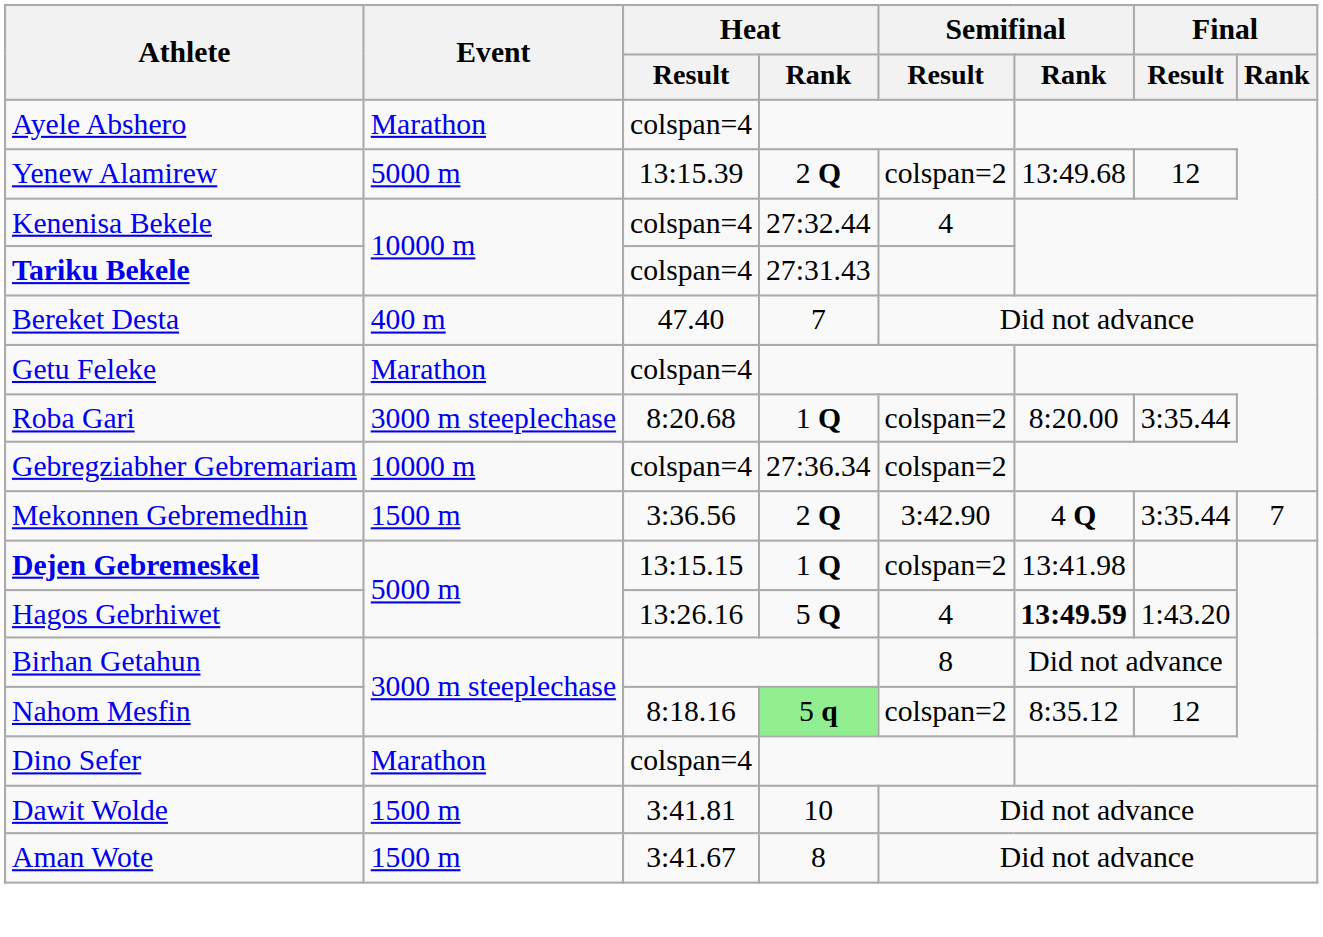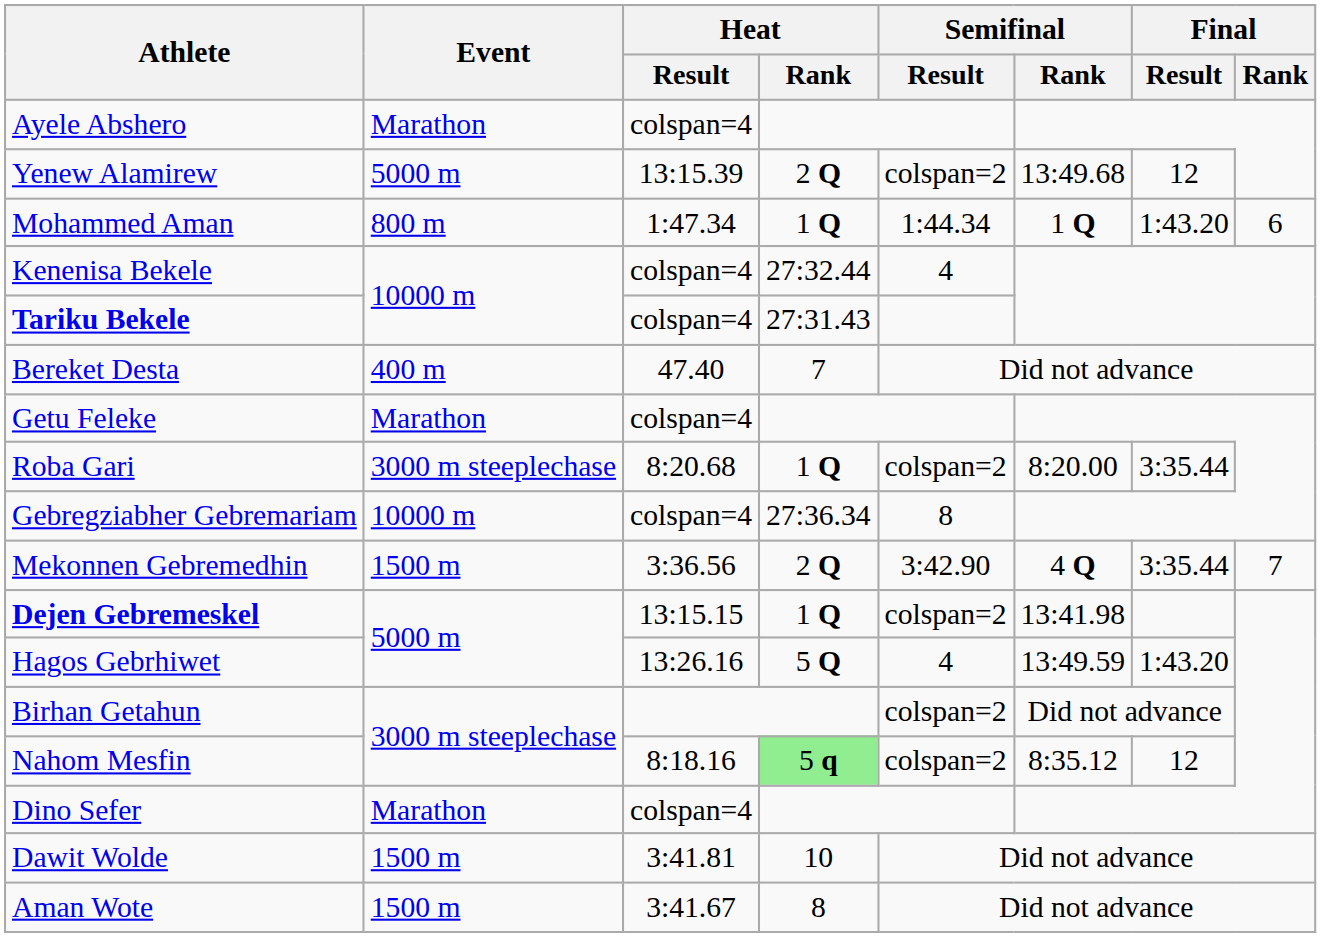 <table class="wikitable" style="font-size:90%">
 <tr>
 <th rowspan="2">Athlete</th>
 <th rowspan="2">Event</th>
 <th colspan="2">Heat</th>
 <th colspan="2">Semifinal</th>
 <th colspan="2">Final</th>
 </tr>
 <tr style="font-size:95%">
 <th>Result</th>
 <th>Rank</th>
 <th>Result</th>
 <th>Rank</th>
 <th>Result</th>
 <th>Rank</th>
 </tr>
 <tr align=center>
 <td align=left><a href='#'>Ayele Abshero</a></td>
 <td align=left><a href='#'>Marathon</a></td>
 <td>colspan=4 </td>
 <td colspan=2></td>
 </tr>
 <tr align=center>
 <td align=left><a href='#'>Yenew Alamirew</a></td>
 <td align=left><a href='#'>5000 m</a></td>
 <td>13:15.39</td>
 <td>2 <strong>Q</strong></td>
 <td>colspan=2 </td>
 <td>13:49.68</td>
 <td>12</td>
+</tr>
+<tr align=center>
+<td align=left><a href='#'>Mohammed Aman</a></td>
+<td align=left><a href='#'>800 m</a></td>
+<td>1:47.34</td>
+<td>1 <strong>Q</strong></td>
+<td>1:44.34</td>
+<td>1 <strong>Q</strong></td>
+<td>1:43.20</td>
+<td>6</td>
 </tr>
 <tr align=center>
 <td align=left><a href='#'>Kenenisa Bekele</a></td>
 <td align=left rowspan=2><a href='#'>10000 m</a></td>
 <td>colspan=4 </td>
 <td>27:32.44</td>
 <td>4</td>
 </tr>
 <tr align=center>
 <td align=left><strong><a href='#'>Tariku Bekele</a></strong></td>
 <td>colspan=4 </td>
 <td>27:31.43</td>
 <td></td>
 </tr>
 <tr align=center>
 <td align=left><a href='#'>Bereket Desta</a></td>
 <td align=left><a href='#'>400 m</a></td>
 <td>47.40</td>
 <td>7</td>
 <td colspan=4>Did not advance</td>
 </tr>
 <tr align=center>
 <td align=left><a href='#'>Getu Feleke</a></td>
 <td align=left><a href='#'>Marathon</a></td>
 <td>colspan=4 </td>
 <td colspan=2></td>
 </tr>
 <tr align=center>
 <td align=left><a href='#'>Roba Gari</a></td>
 <td align=left><a href='#'>3000 m steeplechase</a></td>
 <td>8:20.68</td>
 <td>1 <strong>Q</strong></td>
 <td>colspan=2 </td>
 <td>8:20.00</td>
 <td>3:35.44</td>
 </tr>
 <tr align=center>
 <td align=left><a href='#'>Gebregziabher Gebremariam</a></td>
 <td align=left><a href='#'>10000 m</a></td>
 <td>colspan=4 </td>
 <td>27:36.34</td>
-<td>colspan=2 </td>
+<td>8</td>
 </tr>
 <tr align=center>
 <td align=left><a href='#'>Mekonnen Gebremedhin</a></td>
 <td align=left><a href='#'>1500 m</a></td>
 <td>3:36.56</td>
 <td>2 <strong>Q</strong></td>
 <td>3:42.90</td>
 <td>4 <strong>Q</strong></td>
 <td>3:35.44</td>
 <td>7</td>
 </tr>
 <tr align=center>
 <td align=left><strong><a href='#'>Dejen Gebremeskel</a></strong></td>
 <td align=left rowspan=2><a href='#'>5000 m</a></td>
 <td>13:15.15</td>
 <td>1 <strong>Q</strong></td>
 <td>colspan=2 </td>
 <td>13:41.98</td>
 <td></td>
 </tr>
 <tr align=center>
 <td align=left><a href='#'>Hagos Gebrhiwet</a></td>
 <td>13:26.16</td>
 <td>5 <strong>Q</strong></td>
 <td>4</td>
-<td><strong>13:49.59</strong></td>
+<td>13:49.59</td>
 <td>1:43.20</td>
 </tr>
 <tr align=center>
 <td align=left><a href='#'>Birhan Getahun</a></td>
 <td align=left rowspan=2><a href='#'>3000 m steeplechase</a></td>
 <td colspan=2></td>
-<td>8</td>
+<td>colspan=2 </td>
 <td colspan=2>Did not advance</td>
 </tr>
 <tr align=center>
 <td align=left><a href='#'>Nahom Mesfin</a></td>
 <td>8:18.16</td>
 <td style="background: lightgreen;">5 <strong>q</strong></td>
 <td>colspan=2 </td>
 <td>8:35.12</td>
 <td>12</td>
 </tr>
 <tr align=center>
 <td align=left><a href='#'>Dino Sefer</a></td>
 <td align=left><a href='#'>Marathon</a></td>
 <td>colspan=4 </td>
 <td colspan=2></td>
 </tr>
 <tr align=center>
 <td align=left><a href='#'>Dawit Wolde</a></td>
 <td align=left><a href='#'>1500 m</a></td>
 <td>3:41.81</td>
 <td>10</td>
 <td colspan=4>Did not advance</td>
 </tr>
 <tr align=center>
 <td align=left><a href='#'>Aman Wote</a></td>
 <td align=left><a href='#'>1500 m</a></td>
 <td>3:41.67</td>
 <td>8</td>
 <td colspan=4>Did not advance</td>
 </tr>
 </table>
